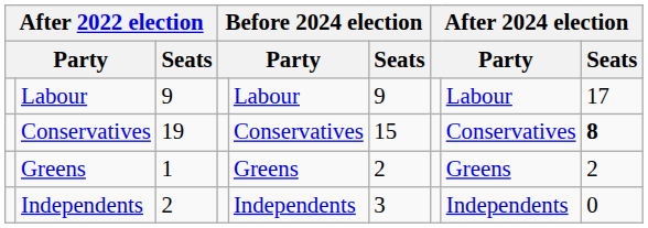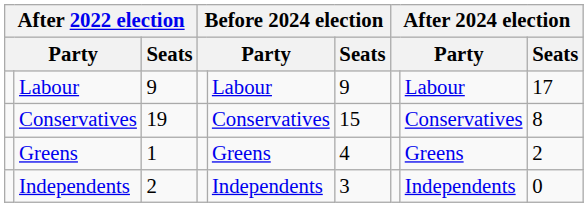 <table class="wikitable">
 <tr>
 <th colspan="3">After <a href='#'>2022 election</a></th>
 <th colspan="3">Before 2024 election</th>
 <th colspan="3">After 2024 election</th>
 </tr>
 <tr>
 <th colspan="2">Party</th>
 <th>Seats</th>
 <th colspan="2">Party</th>
 <th>Seats</th>
 <th colspan="2">Party</th>
 <th>Seats</th>
 </tr>
 <tr>
 <td style="color:inherit;background:"></td>
 <td><a href='#'>Labour</a></td>
 <td>9</td>
 <td style="color:inherit;background:"></td>
 <td><a href='#'>Labour</a></td>
 <td>9</td>
 <td style="color:inherit;background:"></td>
 <td><a href='#'>Labour</a></td>
 <td>17</td>
 </tr>
 <tr>
 <td style="color:inherit;background:"></td>
 <td><a href='#'>Conservatives</a></td>
 <td>19</td>
 <td style="color:inherit;background:"></td>
 <td><a href='#'>Conservatives</a></td>
 <td>15</td>
 <td style="color:inherit;background:"></td>
 <td><a href='#'>Conservatives</a></td>
-<td><strong>8</strong></td>
+<td>8</td>
 </tr>
 <tr>
 <td style="color:inherit;background:"></td>
 <td><a href='#'>Greens</a></td>
 <td>1</td>
 <td style="color:inherit;background:"></td>
 <td><a href='#'>Greens</a></td>
-<td>2</td>
+<td>4</td>
 <td style="color:inherit;background:"></td>
 <td><a href='#'>Greens</a></td>
 <td>2</td>
 </tr>
 <tr>
 <td style="color:inherit;background:"></td>
 <td><a href='#'>Independents</a></td>
 <td>2</td>
 <td style="color:inherit;background:"></td>
 <td><a href='#'>Independents</a></td>
 <td>3</td>
 <td style="color:inherit;background:"></td>
 <td><a href='#'>Independents</a></td>
 <td>0</td>
 </tr>
 </table>
